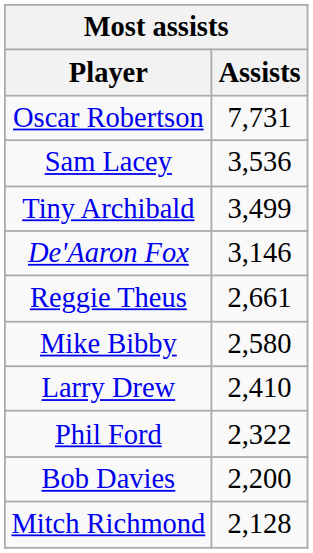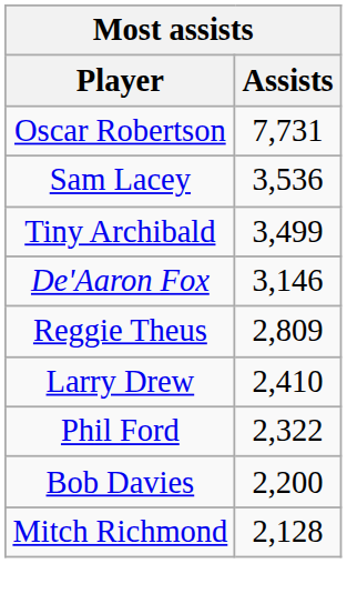 <table class="wikitable sortable" style="text-align:center">
 <tr>
 <th colspan="2" style="text-align:center; ">Most assists</th>
 </tr>
 <tr>
 <th style="text-align:center; ">Player</th>
 <th style="text-align:center; ">Assists</th>
 </tr>
 <tr>
 <td><a href='#'>Oscar Robertson</a></td>
 <td>7,731</td>
 </tr>
 <tr>
 <td><a href='#'>Sam Lacey</a></td>
 <td>3,536</td>
 </tr>
 <tr>
 <td><a href='#'>Tiny Archibald</a></td>
 <td>3,499</td>
 </tr>
 <tr>
 <td><em><a href='#'>De'Aaron Fox</a></em></td>
 <td>3,146</td>
 </tr>
 <tr>
 <td><a href='#'>Reggie Theus</a></td>
-<td>2,661</td>
-</tr>
-<tr>
-<td><a href='#'>Mike Bibby</a></td>
-<td>2,580</td>
+<td>2,809</td>
 </tr>
 <tr>
 <td><a href='#'>Larry Drew</a></td>
 <td>2,410</td>
 </tr>
 <tr>
 <td><a href='#'>Phil Ford</a></td>
 <td>2,322</td>
 </tr>
 <tr>
 <td><a href='#'>Bob Davies</a></td>
 <td>2,200</td>
 </tr>
 <tr>
 <td><a href='#'>Mitch Richmond</a></td>
 <td>2,128</td>
 </tr>
 </table>
